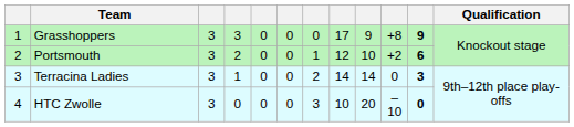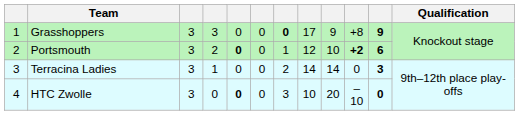 <table class="wikitable" style="font-size: 100%">
 <tr>
 <th width="25"></th>
 <th width="200">Team</th>
 <th width="25"></th>
 <th width="25"></th>
 <th width="25"></th>
 <th width="25"></th>
 <th width="25"></th>
 <th width="25"></th>
 <th width="25"></th>
 <th width="25"></th>
 <th width="25"></th>
 <th width="160">Qualification</th>
 </tr>
 <tr align=center bgcolor=#bbf3bb>
 <td>1</td>
 <td align=left> Grasshoppers</td>
 <td>3</td>
 <td>3</td>
 <td>0</td>
 <td>0</td>
-<td>0</td>
+<td><strong>0</strong></td>
 <td>17</td>
 <td>9</td>
 <td>+8</td>
 <td><strong>9</strong></td>
 <td rowspan=2>Knockout stage</td>
 </tr>
 <tr align=center bgcolor=#bbf3bb>
 <td>2</td>
 <td align=left> Portsmouth</td>
 <td>3</td>
 <td>2</td>
-<td>0</td>
+<td><strong>0</strong></td>
 <td>0</td>
 <td>1</td>
 <td>12</td>
 <td>10</td>
-<td>+2</td>
+<td><strong>+2</strong></td>
 <td><strong>6</strong></td>
 </tr>
 <tr align=center bgcolor=#ddfcff>
 <td>3</td>
 <td align=left> Terracina Ladies</td>
 <td>3</td>
 <td>1</td>
 <td>0</td>
 <td>0</td>
 <td>2</td>
 <td>14</td>
 <td>14</td>
 <td>0</td>
 <td><strong>3</strong></td>
 <td rowspan=2>9th–12th place play-offs</td>
 </tr>
 <tr align=center bgcolor=#ddfcff>
 <td>4</td>
 <td align=left> HTC Zwolle</td>
 <td>3</td>
 <td>0</td>
-<td>0</td>
+<td><strong>0</strong></td>
 <td>0</td>
 <td>3</td>
 <td>10</td>
 <td>20</td>
 <td>–10</td>
 <td><strong>0</strong></td>
 </tr>
 </table>
